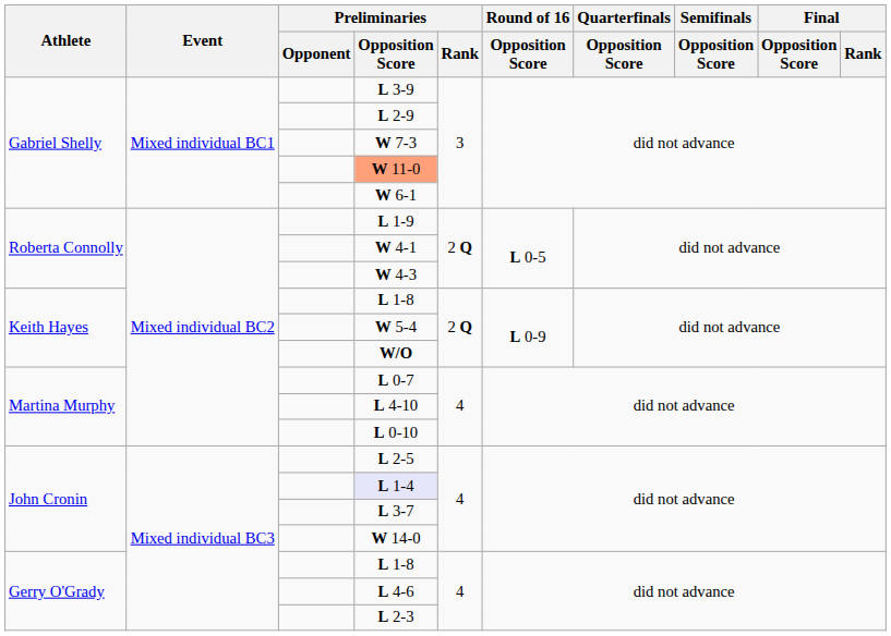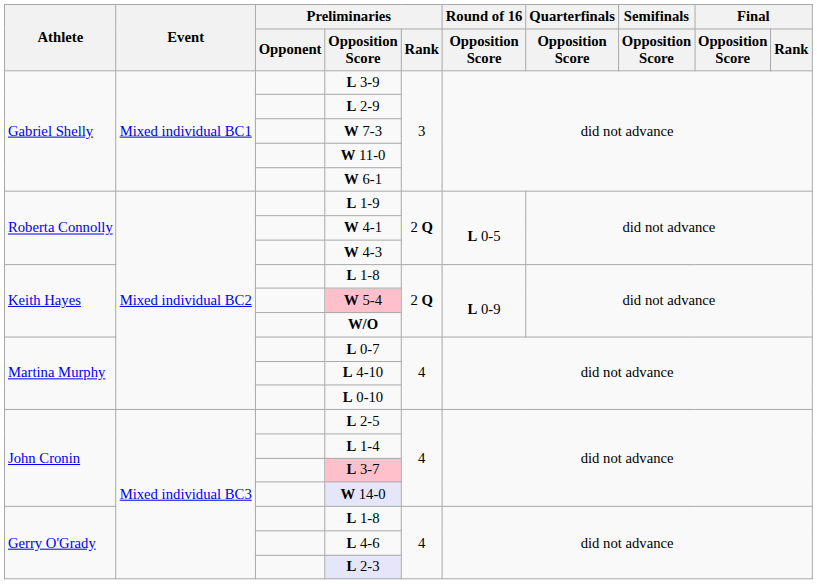 <table class=wikitable style="font-size:90%">
 <tr>
 <th rowspan="2">Athlete</th>
 <th rowspan="2">Event</th>
 <th colspan="3">Preliminaries</th>
 <th>Round of 16</th>
 <th>Quarterfinals</th>
 <th>Semifinals</th>
 <th colspan="2">Final</th>
 </tr>
 <tr>
 <th>Opponent</th>
 <th>Opposition<br>Score</th>
 <th>Rank</th>
 <th>Opposition<br>Score</th>
 <th>Opposition<br>Score</th>
 <th>Opposition<br>Score</th>
 <th>Opposition<br>Score</th>
 <th>Rank</th>
 </tr>
 <tr>
 <td rowspan="5"><a href='#'>Gabriel Shelly</a></td>
 <td rowspan="5"><a href='#'>Mixed individual BC1</a></td>
 <td align="left"></td>
 <td align="center"><strong>L</strong> 3-9</td>
 <td align="center" rowspan="5">3</td>
 <td align="center" rowspan="5" colspan="5">did not advance</td>
 </tr>
 <tr>
 <td align="left"></td>
 <td align="center"><strong>L</strong> 2-9</td>
 </tr>
 <tr>
 <td align="left"></td>
 <td align="center"><strong>W</strong> 7-3</td>
 </tr>
 <tr>
 <td align="left"></td>
-<td align="center" style="background: lightsalmon;"><strong>W</strong> 11-0</td>
+<td align="center"><strong>W</strong> 11-0</td>
 </tr>
 <tr>
 <td align="left"></td>
 <td align="center"><strong>W</strong> 6-1</td>
 </tr>
 <tr>
 <td rowspan="3"><a href='#'>Roberta Connolly</a></td>
 <td rowspan="9"><a href='#'>Mixed individual BC2</a></td>
 <td align="left"></td>
 <td align="center"><strong>L</strong> 1-9</td>
 <td align="center" rowspan="3">2 <strong>Q</strong></td>
 <td align="center" rowspan="3"><br> <strong>L</strong> 0-5</td>
 <td align="center" rowspan="3" colspan="4">did not advance</td>
 </tr>
 <tr>
 <td align="left"></td>
 <td align="center"><strong>W</strong> 4-1</td>
 </tr>
 <tr>
 <td align="left"></td>
 <td align="center"><strong>W</strong> 4-3</td>
 </tr>
 <tr>
 <td rowspan="3"><a href='#'>Keith Hayes</a></td>
 <td align="left"></td>
 <td align="center"><strong>L</strong> 1-8</td>
 <td align="center" rowspan="3">2 <strong>Q</strong></td>
 <td align="center" rowspan="3"><br> <strong>L</strong> 0-9</td>
 <td align="center" rowspan="3" colspan="4">did not advance</td>
 </tr>
 <tr>
 <td align="left"></td>
-<td align="center"><strong>W</strong> 5-4</td>
+<td align="center" style="background: pink;"><strong>W</strong> 5-4</td>
 </tr>
 <tr>
 <td align="left"></td>
 <td align="center"><strong>W/O</strong></td>
 </tr>
 <tr>
 <td rowspan="3"><a href='#'>Martina Murphy</a></td>
 <td align="left"></td>
 <td align="center"><strong>L</strong> 0-7</td>
 <td align="center" rowspan="3">4</td>
 <td align="center" rowspan="3" colspan="5">did not advance</td>
 </tr>
 <tr>
 <td align="left"></td>
 <td align="center"><strong>L</strong> 4-10</td>
 </tr>
 <tr>
 <td align="left"></td>
 <td align="center"><strong>L</strong> 0-10</td>
 </tr>
 <tr>
 <td rowspan="4"><a href='#'>John Cronin</a></td>
 <td rowspan="7"><a href='#'>Mixed individual BC3</a></td>
 <td align="left"></td>
 <td align="center"><strong>L</strong> 2-5</td>
 <td align="center" rowspan="4">4</td>
 <td align="center" rowspan="4" colspan="5">did not advance</td>
 </tr>
 <tr>
 <td align="left"></td>
-<td align="center" style="background: lavender;"><strong>L</strong> 1-4</td>
+<td align="center"><strong>L</strong> 1-4</td>
 </tr>
 <tr>
 <td align="left"></td>
-<td align="center"><strong>L</strong> 3-7</td>
+<td align="center" style="background: pink;"><strong>L</strong> 3-7</td>
 </tr>
 <tr>
 <td align="left"></td>
-<td align="center"><strong>W</strong> 14-0</td>
+<td align="center" style="background: lavender;"><strong>W</strong> 14-0</td>
 </tr>
 <tr>
 <td rowspan="3"><a href='#'>Gerry O'Grady</a></td>
 <td align="left"></td>
 <td align="center"><strong>L</strong> 1-8</td>
 <td align="center" rowspan="3">4</td>
 <td align="center" rowspan="3" colspan="5">did not advance</td>
 </tr>
 <tr>
 <td align="left"></td>
 <td align="center"><strong>L</strong> 4-6</td>
 </tr>
 <tr>
 <td align="left"></td>
-<td align="center"><strong>L</strong> 2-3</td>
+<td align="center" style="background: lavender;"><strong>L</strong> 2-3</td>
 </tr>
 </table>
